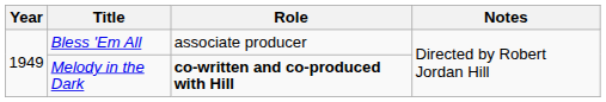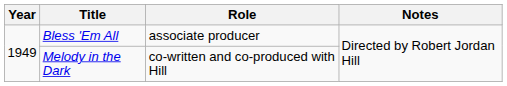 <table class="wikitable sortable">
 <tr>
 <th>Year</th>
 <th>Title</th>
 <th>Role</th>
 <th>Notes</th>
 </tr>
 <tr>
 <td rowspan="2">1949</td>
 <td><em><a href='#'>Bless 'Em All</a></em></td>
 <td>associate producer</td>
 <td rowspan="2">Directed by Robert Jordan Hill</td>
 </tr>
 <tr>
 <td><em><a href='#'>Melody in the Dark</a></em></td>
-<td><strong>co-written and co-produced with Hill</strong></td>
+<td>co-written and co-produced with Hill</td>
 </tr>
 </table>
